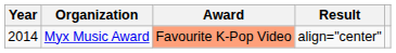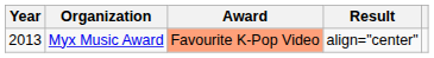 <table class="wikitable" style="text-align:center">
 <tr>
 <th scope="col">Year</th>
 <th scope="col">Organization</th>
 <th scope="col">Award</th>
 <th scope="col">Result</th>
 <th class="unsortable"></th>
 </tr>
 <tr>
-<td align="center">2014</td>
+<td align="center">2013</td>
 <td align="center"><a href='#'>Myx Music Award</a></td>
 <td align="center" style="background: lightsalmon;">Favourite K-Pop Video</td>
 <td>align="center" </td>
 <td align="center"></td>
 </tr>
 </table>
